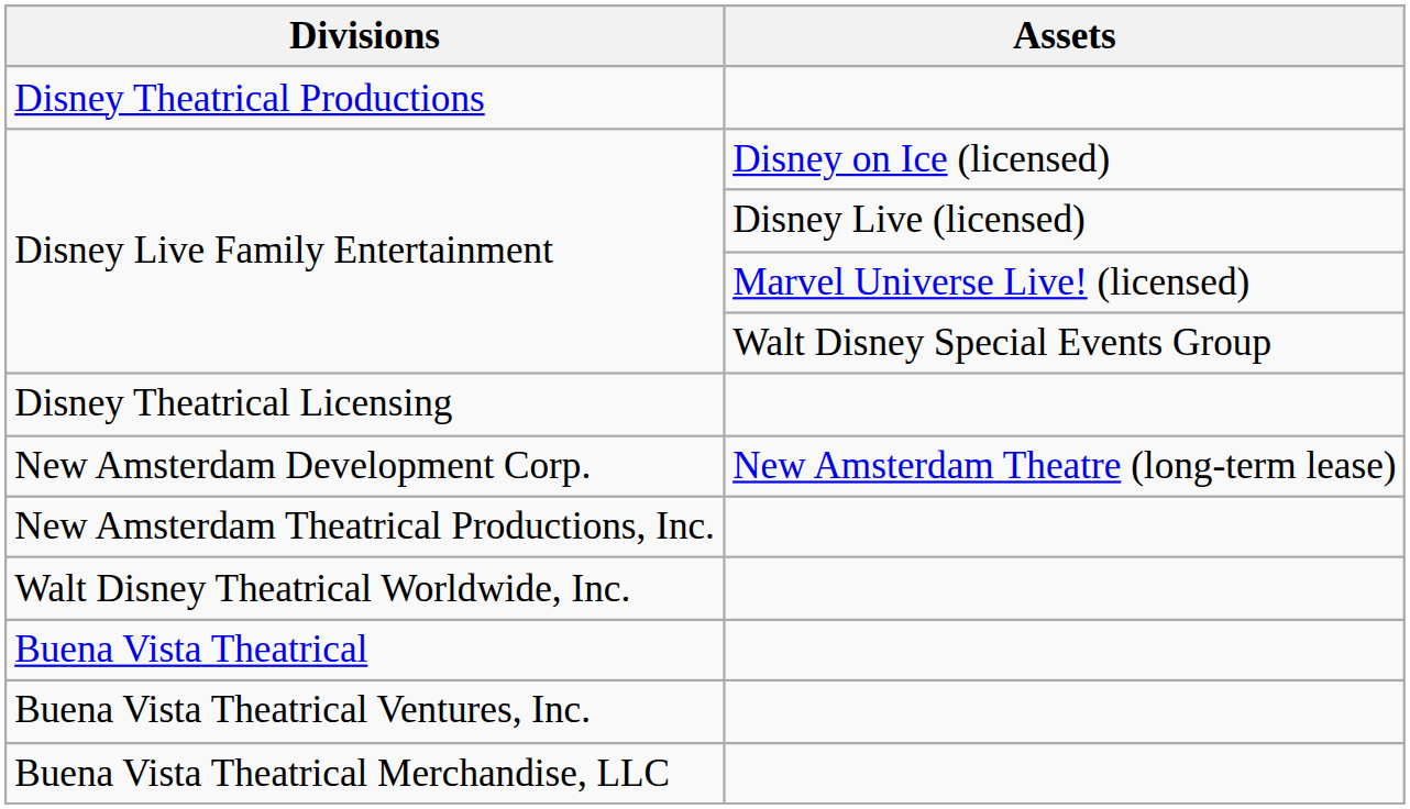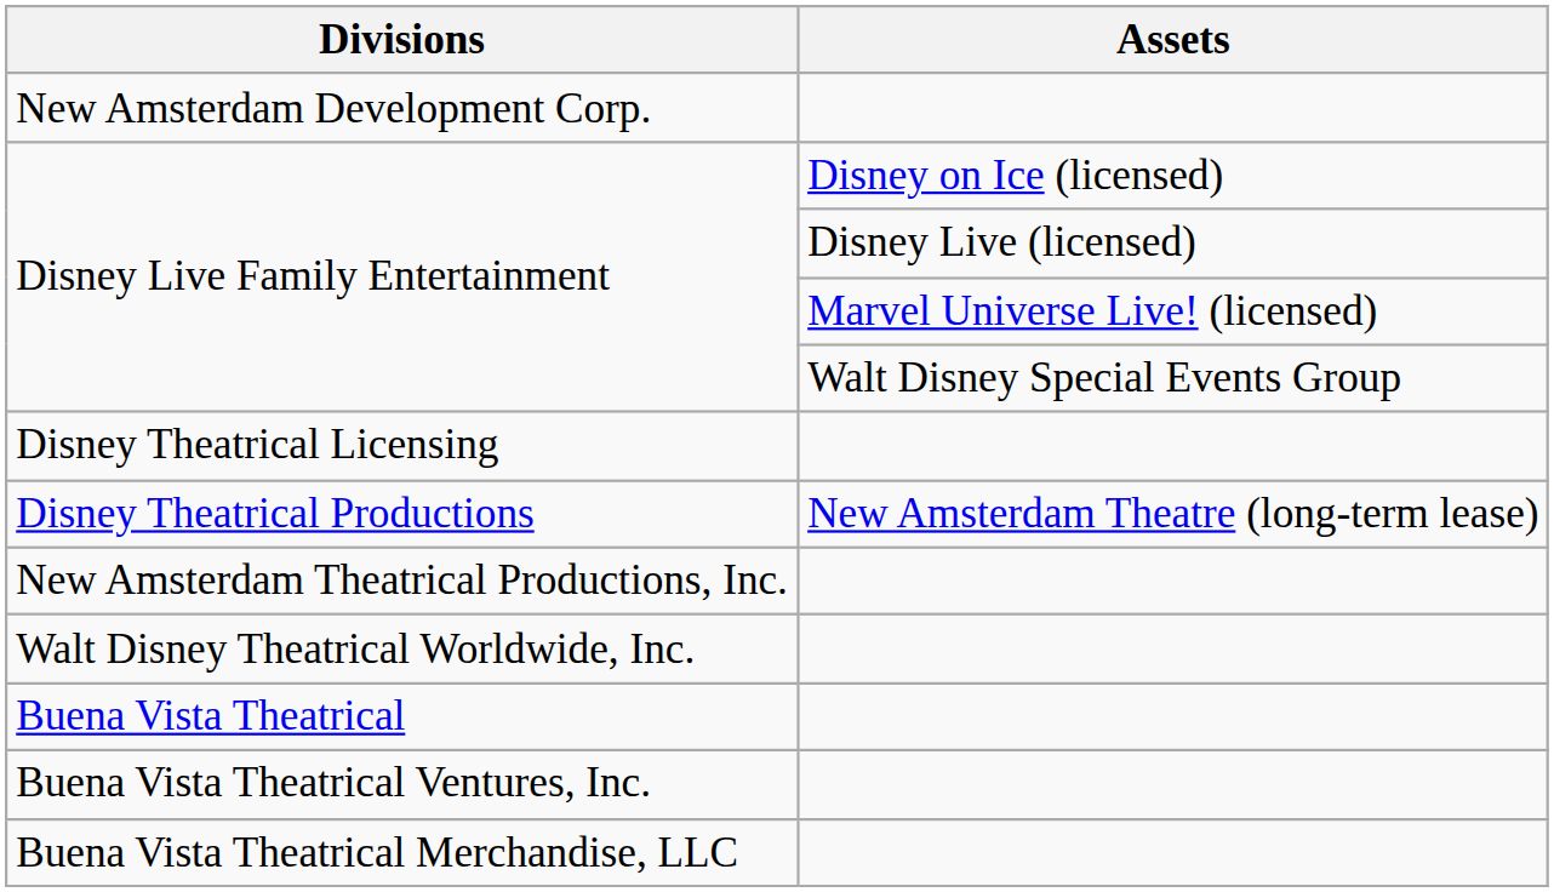 <table class="wikitable">
 <tr>
 <th>Divisions</th>
 <th>Assets</th>
 </tr>
 <tr>
-<td><a href='#'>Disney Theatrical Productions</a></td>
+<td>New Amsterdam Development Corp.</td>
 <td></td>
 </tr>
 <tr>
 <td rowspan="4">Disney Live Family Entertainment</td>
 <td><a href='#'>Disney on Ice</a> (licensed)</td>
 </tr>
 <tr>
 <td>Disney Live (licensed)</td>
 </tr>
 <tr>
 <td><a href='#'>Marvel Universe Live!</a> (licensed)</td>
 </tr>
 <tr>
 <td>Walt Disney Special Events Group</td>
 </tr>
 <tr>
 <td>Disney Theatrical Licensing</td>
 <td></td>
 </tr>
 <tr>
-<td>New Amsterdam Development Corp.</td>
+<td><a href='#'>Disney Theatrical Productions</a></td>
 <td><a href='#'>New Amsterdam Theatre</a> (long-term lease)</td>
 </tr>
 <tr>
 <td>New Amsterdam Theatrical Productions, Inc.</td>
 <td></td>
 </tr>
 <tr>
 <td>Walt Disney Theatrical Worldwide, Inc.</td>
 <td></td>
 </tr>
 <tr>
 <td><a href='#'>Buena Vista Theatrical</a></td>
 <td></td>
 </tr>
 <tr>
 <td>Buena Vista Theatrical Ventures, Inc.</td>
 <td></td>
 </tr>
 <tr>
 <td>Buena Vista Theatrical Merchandise, LLC</td>
 <td></td>
 </tr>
 </table>
